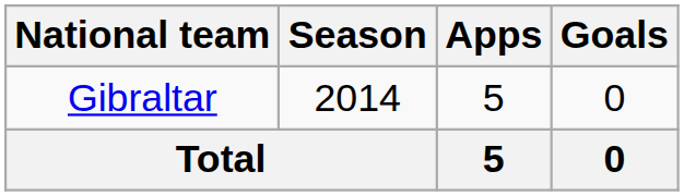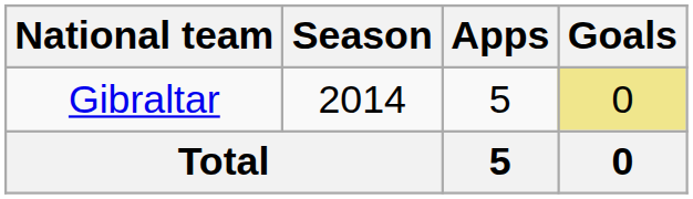 <table class="wikitable" style="text-align: center">
 <tr>
 <th>National team</th>
 <th>Season</th>
 <th>Apps</th>
 <th>Goals</th>
 </tr>
 <tr>
 <td><a href='#'>Gibraltar</a></td>
 <td>2014</td>
 <td>5</td>
-<td>0</td>
+<td style="background: khaki;">0</td>
 </tr>
 <tr>
 <th colspan="2">Total</th>
 <th>5</th>
 <th>0</th>
 </tr>
 </table>
